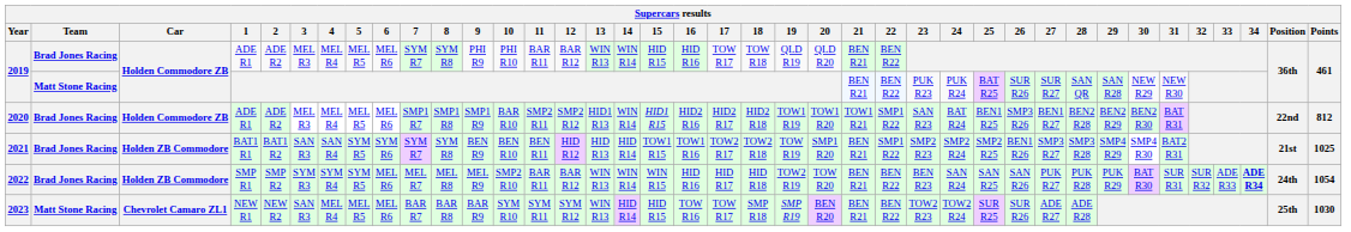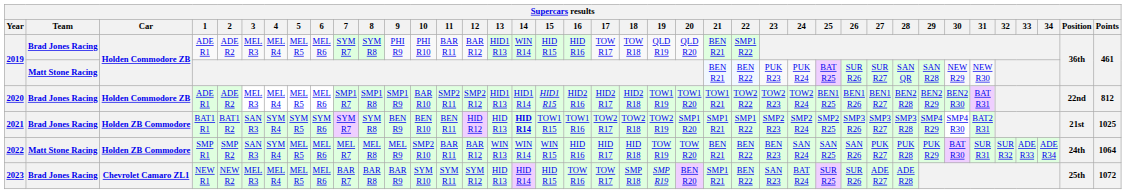 <table class="wikitable" style="text-align:center; font-size:75%">
 <tr>
 <th colspan=39><a href='#'>Supercars</a> results</th>
 </tr>
 <tr>
 <th>Year</th>
 <th>Team</th>
 <th>Car</th>
 <th>1</th>
 <th>2</th>
 <th>3</th>
 <th>4</th>
 <th>5</th>
 <th>6</th>
 <th>7</th>
 <th>8</th>
 <th>9</th>
 <th>10</th>
 <th>11</th>
 <th>12</th>
 <th>13</th>
 <th>14</th>
 <th>15</th>
 <th>16</th>
 <th>17</th>
 <th>18</th>
 <th>19</th>
 <th>20</th>
 <th>21</th>
 <th>22</th>
 <th>23</th>
 <th>24</th>
 <th>25</th>
 <th>26</th>
 <th>27</th>
 <th>28</th>
 <th>29</th>
 <th>30</th>
 <th>31</th>
 <th>32</th>
 <th>33</th>
 <th>34</th>
 <th>Position</th>
 <th>Points</th>
 </tr>
 <tr>
 <th rowspan=2><a href='#'>2019</a></th>
 <th><a href='#'>Brad Jones Racing</a></th>
 <th rowspan=2><a href='#'>Holden Commodore ZB</a></th>
 <td><a href='#'>ADE<br>R1</a></td>
 <td><a href='#'>ADE<br>R2</a></td>
 <td><a href='#'>MEL<br>R3</a></td>
 <td><a href='#'>MEL<br>R4</a></td>
 <td><a href='#'>MEL<br>R5</a></td>
 <td><a href='#'>MEL<br>R6</a></td>
 <td style="background:#dfffdf"><a href='#'>SYM<br>R7</a><br></td>
 <td style="background:#dfffdf"><a href='#'>SYM<br>R8</a><br></td>
 <td><a href='#'>PHI<br>R9</a></td>
 <td><a href='#'>PHI<br>R10</a></td>
 <td><a href='#'>BAR<br>R11</a></td>
 <td><a href='#'>BAR<br>R12</a></td>
-<td style="background:#dfffdf"><a href='#'>WIN<br>R13</a><br></td>
+<td style="background:#dfffdf"><a href='#'>HID1<br>R13</a><br></td>
 <td style="background:#dfffdf"><a href='#'>WIN<br>R14</a><br></td>
 <td style="background:#dfffdf"><a href='#'>HID<br>R15</a><br></td>
 <td style="background:#dfffdf"><a href='#'>HID<br>R16</a><br></td>
 <td><a href='#'>TOW<br>R17</a></td>
 <td><a href='#'>TOW<br>R18</a></td>
 <td><a href='#'>QLD<br>R19</a></td>
 <td><a href='#'>QLD<br>R20</a></td>
 <td style="background:#dfffdf"><a href='#'>BEN<br>R21</a><br></td>
-<td style="background:#dfffdf"><a href='#'>BEN<br>R22</a><br></td>
+<td style="background:#dfffdf"><a href='#'>SMP1<br>R22</a><br></td>
 <th colspan=12></th>
 <th rowspan=2>36th</th>
 <th rowspan=2>461</th>
 </tr>
 <tr>
 <th><a href='#'>Matt Stone Racing</a></th>
 <th colspan=20></th>
 <td style="background:#f1f8ff"><a href='#'>BEN<br>R21</a><br></td>
 <td style="background:#f1f8ff"><a href='#'>BEN<br>R22</a><br></td>
 <td><a href='#'>PUK<br>R23</a></td>
 <td><a href='#'>PUK<br>R24</a></td>
 <td style="background:#efcfff"><a href='#'>BAT<br>R25</a><br></td>
 <td style="background:#dfffdf"><a href='#'>SUR<br>R26</a><br></td>
 <td style="background:#dfffdf"><a href='#'>SUR<br>R27</a><br></td>
 <td style="background:#dfffdf"><a href='#'>SAN<br>QR</a><br></td>
 <td style="background:#dfffdf"><a href='#'>SAN<br>R28</a><br></td>
 <td><a href='#'>NEW<br>R29</a></td>
 <td><a href='#'>NEW<br>R30</a></td>
 <th colspan=3></th>
 </tr>
 <tr>
 <th><a href='#'>2020</a></th>
 <th><a href='#'>Brad Jones Racing</a></th>
 <th><a href='#'>Holden Commodore ZB</a></th>
 <td style="background:#dfffdf"><a href='#'>ADE<br>R1</a><br></td>
 <td style="background:#dfffdf"><a href='#'>ADE<br>R2</a><br></td>
 <td style="background:#ffffff"><a href='#'>MEL<br>R3</a><br></td>
 <td style="background:#ffffff"><a href='#'>MEL<br>R4</a><br></td>
 <td style="background:#ffffff"><a href='#'>MEL<br>R5</a><br></td>
 <td style="background:#ffffff"><a href='#'>MEL<br>R6</a><br></td>
 <td style="background:#dfffdf"><a href='#'>SMP1<br>R7</a><br></td>
 <td style="background:#dfffdf"><a href='#'>SMP1<br>R8</a><br></td>
 <td style="background:#dfffdf"><a href='#'>SMP1<br>R9</a><br></td>
 <td style="background:#dfffdf"><a href='#'>BAR<br>R10</a><br></td>
 <td style="background:#dfffdf"><a href='#'>SMP2<br>R11</a><br></td>
 <td style="background:#dfffdf"><a href='#'>SMP2<br>R12</a><br></td>
 <td style="background:#dfffdf"><a href='#'>HID1<br>R13</a><br></td>
-<td style="background:#dfffdf"><a href='#'>WIN<br>R14</a><br></td>
+<td style="background:#dfffdf"><a href='#'>HID1<br>R14</a><br></td>
 <td style="background:#dfffdf"><em><a href='#'>HID1<br>R15</a><br></em></td>
 <td style="background:#dfffdf"><a href='#'>HID2<br>R16</a><br></td>
 <td style="background:#dfffdf"><a href='#'>HID2<br>R17</a><br></td>
 <td style="background:#dfffdf"><a href='#'>HID2<br>R18</a><br></td>
 <td style="background:#dfffdf"><a href='#'>TOW1<br>R19</a><br></td>
 <td style="background:#dfffdf"><a href='#'>TOW1<br>R20</a><br></td>
 <td style="background:#dfffdf"><a href='#'>TOW1<br>R21</a><br></td>
-<td style="background:#dfffdf"><a href='#'>SMP1<br>R22</a><br></td>
-<td style=background:#dfffdf><a href='#'>SAN<br>R23</a><br></td>
-<td style=background:#dfffdf><a href='#'>BAT<br>R24</a><br></td>
+<td style="background:#dfffdf"><a href='#'>TOW2<br>R22</a><br></td>
+<td style="background:#dfffdf"><a href='#'>TOW2<br>R23</a><br></td>
+<td style="background:#dfffdf"><a href='#'>TOW2<br>R24</a><br></td>
 <td style="background:#dfffdf"><a href='#'>BEN1<br>R25</a><br></td>
-<td style="background:#dfffdf"><a href='#'>SMP3<br>R26</a><br></td>
+<td style="background:#dfffdf"><a href='#'>BEN1<br>R26</a><br></td>
 <td style="background:#dfffdf"><a href='#'>BEN1<br>R27</a><br></td>
 <td style="background:#dfffdf"><a href='#'>BEN2<br>R28</a><br></td>
 <td style="background:#dfffdf"><a href='#'>BEN2<br>R29</a><br></td>
 <td style="background:#dfffdf"><a href='#'>BEN2<br>R30</a><br></td>
 <td style="background:#efcfff"><a href='#'>BAT<br>R31</a><br></td>
 <th colspan=3></th>
 <th>22nd</th>
 <th>812</th>
 </tr>
 <tr>
 <th><a href='#'>2021</a></th>
 <th><a href='#'>Brad Jones Racing</a></th>
 <th><a href='#'>Holden ZB Commodore</a></th>
 <td style="background:#dfffdf"><a href='#'>BAT1<br>R1</a><br></td>
 <td style="background:#dfffdf"><a href='#'>BAT1<br>R2</a><br></td>
 <td style="background:#dfffdf"><a href='#'>SAN<br>R3</a><br></td>
-<td style="background:#dfffdf"><a href='#'>SAN<br>R4</a><br></td>
+<td style="background:#dfffdf"><a href='#'>SYM<br>R4</a><br></td>
 <td style="background:#dfffdf"><a href='#'>SYM<br>R5</a><br></td>
 <td style="background:#dfffdf"><a href='#'>SYM<br>R6</a><br></td>
 <td style="background:#efcfff"><a href='#'>SYM<br>R7</a><br></td>
 <td style="background:#dfffdf"><a href='#'>SYM<br>R8</a><br></td>
 <td style="background:#dfffdf"><a href='#'>BEN<br>R9</a><br></td>
 <td style="background:#dfffdf"><a href='#'>BEN<br>R10</a><br></td>
 <td style="background:#dfffdf"><a href='#'>BEN<br>R11</a><br></td>
 <td style="background:#efcfff"><a href='#'>HID<br>R12</a><br></td>
 <td style="background:#dfffdf"><a href='#'>HID<br>R13</a><br></td>
-<td style="background:#dfffdf"><a href='#'>HID<br>R14</a><br></td>
+<td style="background:#dfffdf"><strong><a href='#'>HID<br>R14</a><br></strong></td>
 <td style="background:#dfffdf"><a href='#'>TOW1<br>R15</a><br></td>
 <td style="background:#dfffdf"><a href='#'>TOW1<br>R16</a><br></td>
 <td style="background:#dfffdf"><a href='#'>TOW2<br>R17</a><br></td>
 <td style="background:#dfffdf"><a href='#'>TOW2<br>R18</a><br></td>
-<td style="background:#dfffdf"><a href='#'>TOW<br>R19</a><br></td>
+<td style="background:#dfffdf"><a href='#'>TOW2<br>R19</a><br></td>
 <td style="background:#dfffdf"><a href='#'>SMP1<br>R20</a><br></td>
-<td style="background:#dfffdf"><a href='#'>BEN<br>R21</a><br></td>
+<td style="background:#dfffdf"><a href='#'>SMP1<br>R21</a><br></td>
 <td style="background:#dfffdf"><a href='#'>SMP1<br>R22</a><br></td>
 <td style="background:#dfffdf"><a href='#'>SMP2<br>R23</a><br></td>
 <td style="background:#dfffdf"><a href='#'>SMP2<br>R24</a><br></td>
 <td style="background:#dfffdf"><a href='#'>SMP2<br>R25</a><br></td>
-<td style="background:#dfffdf"><a href='#'>BEN1<br>R26</a><br></td>
+<td style="background:#dfffdf"><a href='#'>SMP3<br>R26</a><br></td>
 <td style="background:#dfffdf"><a href='#'>SMP3<br>R27</a><br></td>
 <td style="background:#dfffdf"><a href='#'>SMP3<br>R28</a><br></td>
 <td style="background:#dfffdf"><a href='#'>SMP4<br>R29</a><br></td>
 <td style="background:#ffffff"><a href='#'>SMP4<br>R30</a><br></td>
 <td style="background:#dfffdf"><a href='#'>BAT2<br>R31</a><br></td>
 <th colspan=3></th>
 <th>21st</th>
 <th>1025</th>
 </tr>
 <tr>
 <th><a href='#'>2022</a></th>
-<th><a href='#'>Brad Jones Racing</a></th>
+<th><a href='#'>Matt Stone Racing</a></th>
 <th><a href='#'>Holden ZB Commodore</a></th>
 <td style="background:#dfffdf"><a href='#'>SMP<br>R1</a><br></td>
 <td style="background:#dfffdf"><a href='#'>SMP<br>R2</a><br></td>
-<td style="background:#dfffdf"><a href='#'>SYM<br>R3</a><br></td>
+<td style="background:#dfffdf"><a href='#'>SAN<br>R3</a><br></td>
 <td style="background:#dfffdf"><a href='#'>SYM<br>R4</a><br></td>
-<td style="background:#dfffdf"><a href='#'>SYM<br>R5</a><br></td>
+<td style=background:#dfffdf><a href='#'>MEL<br>R5</a><br></td>
 <td style="background:#dfffdf"><a href='#'>MEL<br>R6</a><br></td>
 <td style="background:#dfffdf"><a href='#'>MEL<br>R7</a><br></td>
 <td style="background:#dfffdf"><a href='#'>MEL<br>R8</a><br></td>
 <td style="background:#dfffdf"><a href='#'>MEL<br>R9</a><br></td>
 <td style="background:#dfffdf"><a href='#'>SMP2<br>R10</a><br></td>
 <td style="background:#dfffdf"><a href='#'>BAR<br>R11</a><br></td>
 <td style="background:#dfffdf"><a href='#'>BAR<br>R12</a><br></td>
 <td style="background:#dfffdf"><a href='#'>WIN<br>R13</a><br></td>
 <td style="background:#dfffdf"><a href='#'>WIN<br>R14</a><br></td>
 <td style="background:#dfffdf"><a href='#'>WIN<br>R15</a><br></td>
 <td style="background:#dfffdf"><a href='#'>HID<br>R16</a><br></td>
 <td style="background:#dfffdf"><a href='#'>HID<br>R17</a><br></td>
 <td style="background:#dfffdf"><a href='#'>HID<br>R18</a><br></td>
-<td style="background:#dfffdf"><a href='#'>TOW2<br>R19</a><br></td>
+<td style="background:#dfffdf"><a href='#'>TOW<br>R19</a><br></td>
 <td style="background:#dfffdf"><a href='#'>TOW<br>R20</a><br></td>
 <td style="background:#dfffdf"><a href='#'>BEN<br>R21</a><br></td>
 <td style="background:#dfffdf"><a href='#'>BEN<br>R22</a><br></td>
 <td style="background:#dfffdf"><a href='#'>BEN<br>R23</a><br></td>
 <td style="background:#dfffdf"><a href='#'>SAN<br>R24</a><br></td>
 <td style="background:#dfffdf"><a href='#'>SAN<br>R25</a><br></td>
 <td style="background:#dfffdf"><a href='#'>SAN<br>R26</a><br></td>
 <td style="background:#dfffdf"><a href='#'>PUK<br>R27</a><br></td>
 <td style="background:#dfffdf"><a href='#'>PUK<br>R28</a><br></td>
 <td style="background:#dfffdf"><a href='#'>PUK<br>R29</a><br></td>
 <td style="background:#efcfff"><a href='#'>BAT<br>R30</a><br></td>
 <td style="background:#dfffdf"><a href='#'>SUR<br>R31</a><br></td>
 <td style="background:#dfffdf"><a href='#'>SUR<br>R32</a><br></td>
 <td style="background:#dfffdf"><a href='#'>ADE<br>R33</a><br></td>
-<td style="background:#dfffdf"><strong><a href='#'>ADE<br>R34</a><br></strong></td>
+<td style="background:#dfffdf"><a href='#'>ADE<br>R34</a><br></td>
 <th>24th</th>
-<th>1054</th>
+<th>1064</th>
 </tr>
 <tr>
 <th><a href='#'>2023</a></th>
-<th><a href='#'>Matt Stone Racing</a></th>
+<th><a href='#'>Brad Jones Racing</a></th>
 <th><a href='#'>Chevrolet Camaro ZL1</a></th>
 <td style=background:#dfffdf><a href='#'>NEW<br>R1</a><br></td>
 <td style=background:#dfffdf><a href='#'>NEW<br>R2</a><br></td>
-<td style="background:#dfffdf"><a href='#'>SAN<br>R3</a><br></td>
+<td style=background:#dfffdf><a href='#'>MEL<br>R3</a><br></td>
 <td style=background:#dfffdf><a href='#'>MEL<br>R4</a><br></td>
 <td style=background:#dfffdf><a href='#'>MEL<br>R5</a><br></td>
 <td style=background:#dfffdf><a href='#'>MEL<br>R6</a><br></td>
 <td style=background:#dfffdf><a href='#'>BAR<br>R7</a><br></td>
 <td style=background:#dfffdf><a href='#'>BAR<br>R8</a><br></td>
 <td style=background:#dfffdf><a href='#'>BAR<br>R9</a><br></td>
 <td style=background:#dfffdf><a href='#'>SYM<br>R10</a><br></td>
 <td style=background:#dfffdf><a href='#'>SYM<br>R11</a><br></td>
 <td style=background:#dfffdf><a href='#'>SYM<br>R12</a><br></td>
-<td style="background:#dfffdf"><a href='#'>WIN<br>R13</a><br></td>
+<td style=background:#dfffdf><a href='#'>HID<br>R13</a><br></td>
 <td style=background:#efcfff><a href='#'>HID<br>R14</a><br></td>
 <td style=background:#dfffdf><a href='#'>HID<br>R15</a><br></td>
 <td style=background:#dfffdf><a href='#'>TOW<br>R16</a><br></td>
 <td style=background:#dfffdf><a href='#'>TOW<br>R17</a><br></td>
 <td style=background:#dfffdf><a href='#'>SMP<br>R18</a><br></td>
 <td style=background:#dfffdf><em><a href='#'>SMP<br>R19</a><br></em></td>
 <td style=background:#efcfff><a href='#'>BEN<br>R20</a><br></td>
-<td style=background:#dfffdf><a href='#'>BEN<br>R21</a><br></td>
+<td style="background:#dfffdf"><a href='#'>SMP1<br>R21</a><br></td>
 <td style=background:#dfffdf><a href='#'>BEN<br>R22</a><br></td>
-<td style="background:#dfffdf"><a href='#'>TOW2<br>R23</a><br></td>
-<td style="background:#dfffdf"><a href='#'>TOW2<br>R24</a><br></td>
+<td style=background:#dfffdf><a href='#'>SAN<br>R23</a><br></td>
+<td style=background:#dfffdf><a href='#'>BAT<br>R24</a><br></td>
 <td style=background:#efcfff><a href='#'>SUR<br>R25</a><br></td>
 <td style=background:#dfffdf><a href='#'>SUR<br>R26</a><br></td>
 <td style=background:#dfffdf><a href='#'>ADE<br>R27</a><br></td>
 <td style=background:#dfffdf><a href='#'>ADE<br>R28</a><br></td>
 <th colspan=6></th>
 <th>25th</th>
-<th>1030</th>
+<th>1072</th>
 </tr>
 </table>
